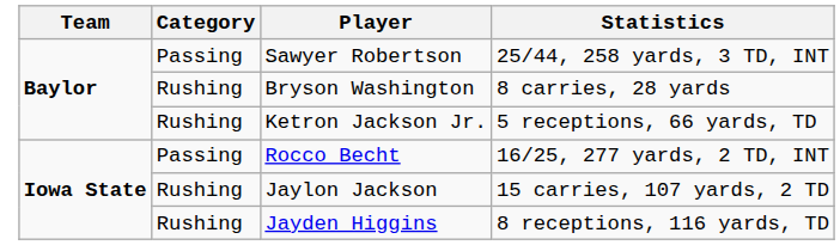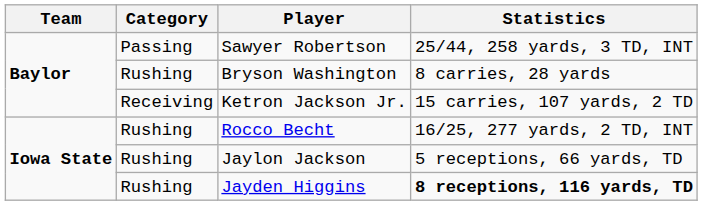 <table class="wikitable" style="float: right;">
 <tr>
 <th>Team</th>
 <th>Category</th>
 <th>Player</th>
 <th>Statistics</th>
 </tr>
 <tr>
 <td rowspan=3><strong>Baylor</strong></td>
 <td>Passing</td>
 <td>Sawyer Robertson</td>
 <td>25/44, 258 yards, 3 TD, INT</td>
 </tr>
 <tr>
 <td>Rushing</td>
 <td>Bryson Washington</td>
 <td>8 carries, 28 yards</td>
 </tr>
 <tr>
-<td>Rushing</td>
+<td>Receiving</td>
 <td>Ketron Jackson Jr.</td>
-<td>5 receptions, 66 yards, TD</td>
+<td>15 carries, 107 yards, 2 TD</td>
 </tr>
 <tr>
 <td rowspan=3><strong>Iowa State</strong></td>
-<td>Passing</td>
+<td>Rushing</td>
 <td><a href='#'>Rocco Becht</a></td>
 <td>16/25, 277 yards, 2 TD, INT</td>
 </tr>
 <tr>
 <td>Rushing</td>
 <td>Jaylon Jackson</td>
-<td>15 carries, 107 yards, 2 TD</td>
+<td>5 receptions, 66 yards, TD</td>
 </tr>
 <tr>
 <td>Rushing</td>
 <td><a href='#'>Jayden Higgins</a></td>
-<td>8 receptions, 116 yards, TD</td>
+<td><strong>8 receptions, 116 yards, TD</strong></td>
 </tr>
 </table>
